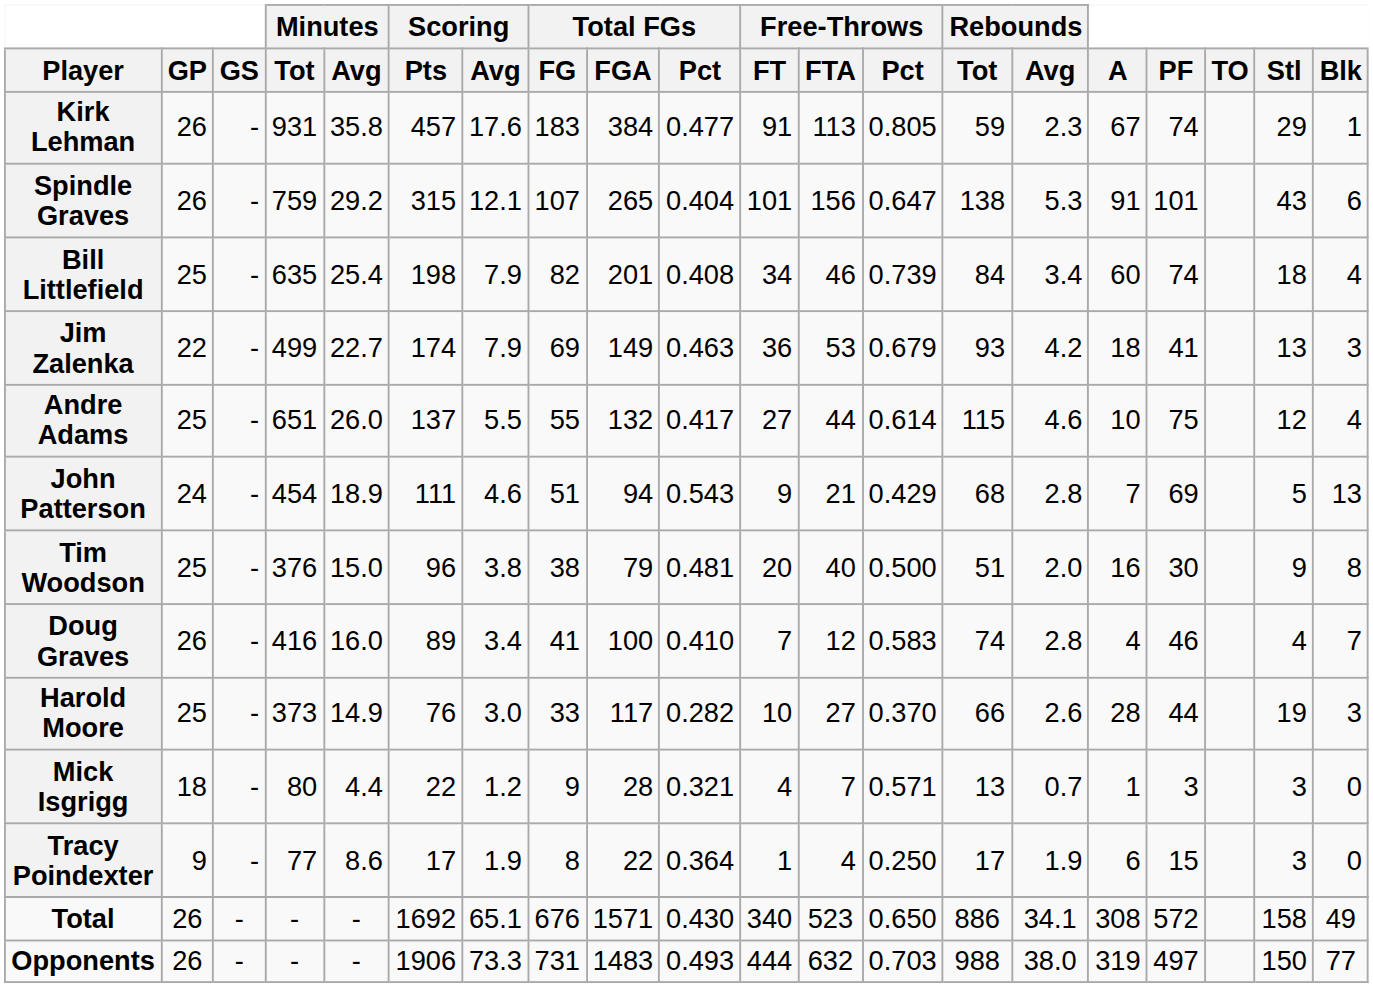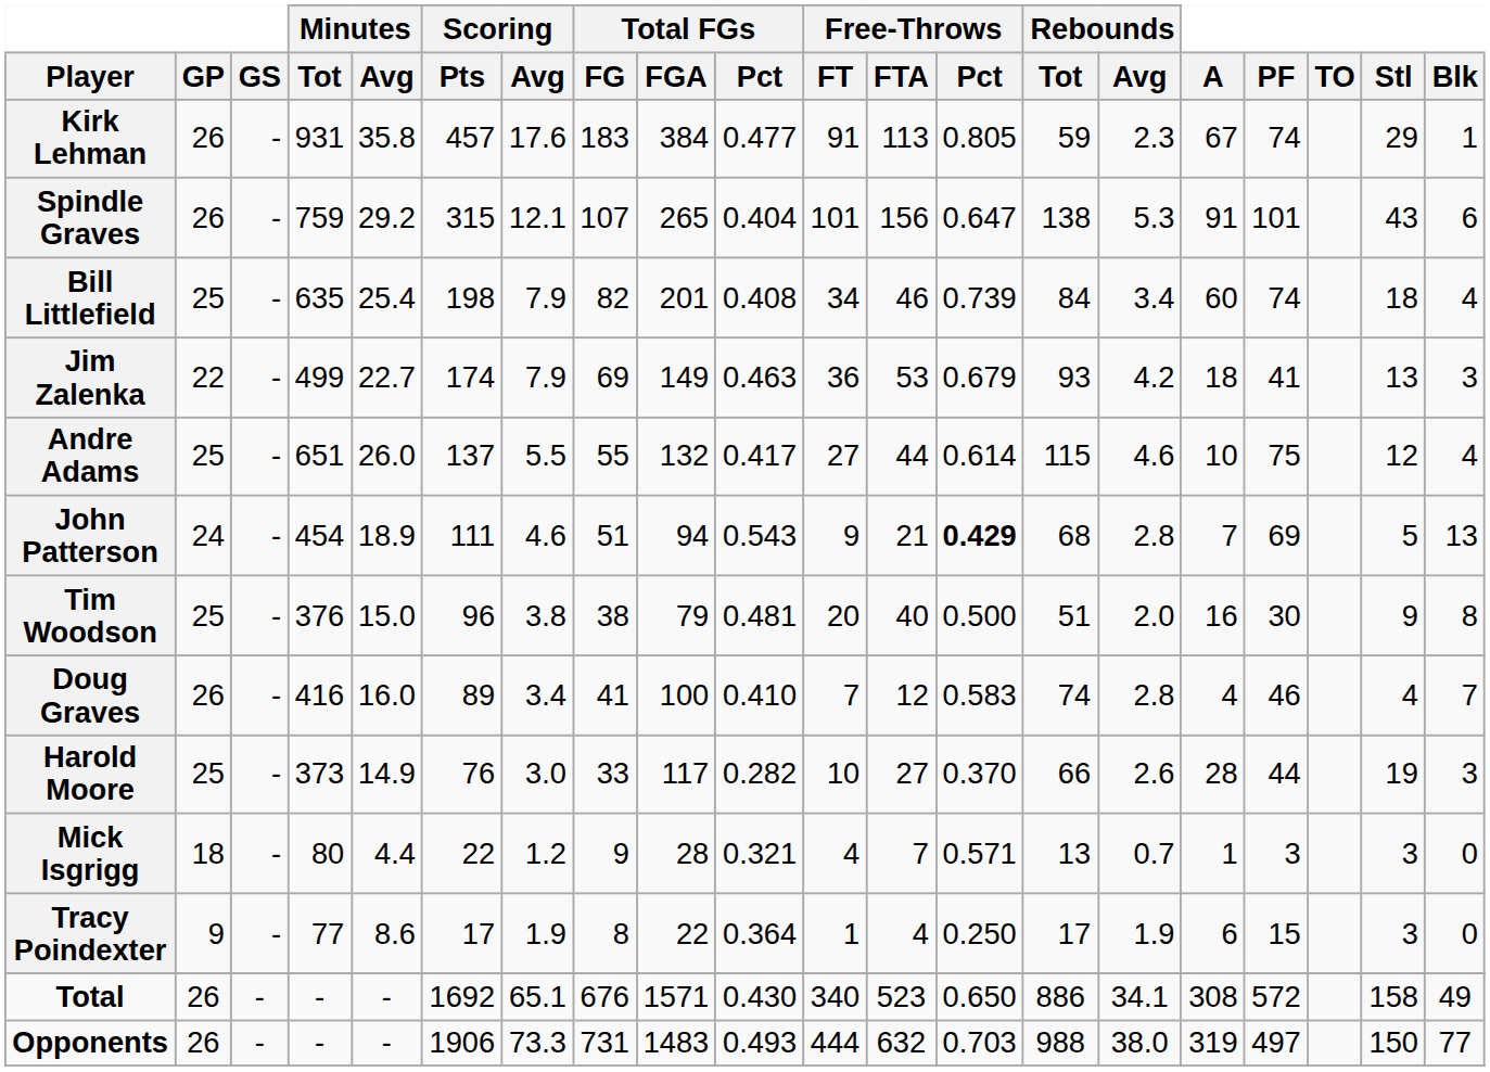 <table class="wikitable sortable" border="1" style="font-size:90%;">
 <tr>
 <th colspan="3" style="border-top-style:hidden; border-left-style:hidden; background: white;"></th>
 <th colspan="2" style=>Minutes</th>
 <th colspan="2" style=>Scoring</th>
 <th colspan="3" style=>Total FGs</th>
 <th colspan="3" style=>Free-Throws</th>
 <th colspan="2" style=>Rebounds</th>
 <th colspan="5" style="border-top-style:hidden; border-right-style:hidden; background: white;"></th>
 </tr>
 <tr>
 <th scope="col" style=>Player</th>
 <th scope="col" style=>GP</th>
 <th scope="col" style=>GS</th>
 <th scope="col" style=>Tot</th>
 <th scope="col" style=>Avg</th>
 <th scope="col" style=>Pts</th>
 <th scope="col" style=>Avg</th>
 <th scope="col" style=>FG</th>
 <th scope="col" style=>FGA</th>
 <th scope="col" style=>Pct</th>
 <th scope="col" style=>FT</th>
 <th scope="col" style=>FTA</th>
 <th scope="col" style=>Pct</th>
 <th scope="col" style=>Tot</th>
 <th scope="col" style=>Avg</th>
 <th scope="col" style=>A</th>
 <th scope="col" style=>PF</th>
 <th scope="col" style=>TO</th>
 <th scope="col" style=>Stl</th>
 <th scope="col" style=>Blk</th>
 </tr>
 <tr>
 <th>Kirk Lehman</th>
 <td align="right">26</td>
 <td align="right">-</td>
 <td align="right">931</td>
 <td align="right">35.8</td>
 <td align="right">457</td>
 <td align="right">17.6</td>
 <td align="right">183</td>
 <td align="right">384</td>
 <td align="right">0.477</td>
 <td align="right">91</td>
 <td align="right">113</td>
 <td align="right">0.805</td>
 <td align="right">59</td>
 <td align="right">2.3</td>
 <td align="right">67</td>
 <td align="right">74</td>
 <td align="right"></td>
 <td align="right">29</td>
 <td align="right">1</td>
 </tr>
 <tr>
 <th>Spindle Graves</th>
 <td align="right">26</td>
 <td align="right">-</td>
 <td align="right">759</td>
 <td align="right">29.2</td>
 <td align="right">315</td>
 <td align="right">12.1</td>
 <td align="right">107</td>
 <td align="right">265</td>
 <td align="right">0.404</td>
 <td align="right">101</td>
 <td align="right">156</td>
 <td align="right">0.647</td>
 <td align="right">138</td>
 <td align="right">5.3</td>
 <td align="right">91</td>
 <td align="right">101</td>
 <td align="right"></td>
 <td align="right">43</td>
 <td align="right">6</td>
 </tr>
 <tr>
 <th>Bill Littlefield</th>
 <td align="right">25</td>
 <td align="right">-</td>
 <td align="right">635</td>
 <td align="right">25.4</td>
 <td align="right">198</td>
 <td align="right">7.9</td>
 <td align="right">82</td>
 <td align="right">201</td>
 <td align="right">0.408</td>
 <td align="right">34</td>
 <td align="right">46</td>
 <td align="right">0.739</td>
 <td align="right">84</td>
 <td align="right">3.4</td>
 <td align="right">60</td>
 <td align="right">74</td>
 <td align="right"></td>
 <td align="right">18</td>
 <td align="right">4</td>
 </tr>
 <tr>
 <th>Jim Zalenka</th>
 <td align="right">22</td>
 <td align="right">-</td>
 <td align="right">499</td>
 <td align="right">22.7</td>
 <td align="right">174</td>
 <td align="right">7.9</td>
 <td align="right">69</td>
 <td align="right">149</td>
 <td align="right">0.463</td>
 <td align="right">36</td>
 <td align="right">53</td>
 <td align="right">0.679</td>
 <td align="right">93</td>
 <td align="right">4.2</td>
 <td align="right">18</td>
 <td align="right">41</td>
 <td align="right"></td>
 <td align="right">13</td>
 <td align="right">3</td>
 </tr>
 <tr>
 <th>Andre Adams</th>
 <td align="right">25</td>
 <td align="right">-</td>
 <td align="right">651</td>
 <td align="right">26.0</td>
 <td align="right">137</td>
 <td align="right">5.5</td>
 <td align="right">55</td>
 <td align="right">132</td>
 <td align="right">0.417</td>
 <td align="right">27</td>
 <td align="right">44</td>
 <td align="right">0.614</td>
 <td align="right">115</td>
 <td align="right">4.6</td>
 <td align="right">10</td>
 <td align="right">75</td>
 <td align="right"></td>
 <td align="right">12</td>
 <td align="right">4</td>
 </tr>
 <tr>
 <th>John Patterson</th>
 <td align="right">24</td>
 <td align="right">-</td>
 <td align="right">454</td>
 <td align="right">18.9</td>
 <td align="right">111</td>
 <td align="right">4.6</td>
 <td align="right">51</td>
 <td align="right">94</td>
 <td align="right">0.543</td>
 <td align="right">9</td>
 <td align="right">21</td>
-<td align="right">0.429</td>
+<td align="right"><strong>0.429</strong></td>
 <td align="right">68</td>
 <td align="right">2.8</td>
 <td align="right">7</td>
 <td align="right">69</td>
 <td align="right"></td>
 <td align="right">5</td>
 <td align="right">13</td>
 </tr>
 <tr>
 <th>Tim Woodson</th>
 <td align="right">25</td>
 <td align="right">-</td>
 <td align="right">376</td>
 <td align="right">15.0</td>
 <td align="right">96</td>
 <td align="right">3.8</td>
 <td align="right">38</td>
 <td align="right">79</td>
 <td align="right">0.481</td>
 <td align="right">20</td>
 <td align="right">40</td>
 <td align="right">0.500</td>
 <td align="right">51</td>
 <td align="right">2.0</td>
 <td align="right">16</td>
 <td align="right">30</td>
 <td align="right"></td>
 <td align="right">9</td>
 <td align="right">8</td>
 </tr>
 <tr>
 <th>Doug Graves</th>
 <td align="right">26</td>
 <td align="right">-</td>
 <td align="right">416</td>
 <td align="right">16.0</td>
 <td align="right">89</td>
 <td align="right">3.4</td>
 <td align="right">41</td>
 <td align="right">100</td>
 <td align="right">0.410</td>
 <td align="right">7</td>
 <td align="right">12</td>
 <td align="right">0.583</td>
 <td align="right">74</td>
 <td align="right">2.8</td>
 <td align="right">4</td>
 <td align="right">46</td>
 <td align="right"></td>
 <td align="right">4</td>
 <td align="right">7</td>
 </tr>
 <tr>
 <th>Harold Moore</th>
 <td align="right">25</td>
 <td align="right">-</td>
 <td align="right">373</td>
 <td align="right">14.9</td>
 <td align="right">76</td>
 <td align="right">3.0</td>
 <td align="right">33</td>
 <td align="right">117</td>
 <td align="right">0.282</td>
 <td align="right">10</td>
 <td align="right">27</td>
 <td align="right">0.370</td>
 <td align="right">66</td>
 <td align="right">2.6</td>
 <td align="right">28</td>
 <td align="right">44</td>
 <td align="right"></td>
 <td align="right">19</td>
 <td align="right">3</td>
 </tr>
 <tr>
 <th>Mick Isgrigg</th>
 <td align="right">18</td>
 <td align="right">-</td>
 <td align="right">80</td>
 <td align="right">4.4</td>
 <td align="right">22</td>
 <td align="right">1.2</td>
 <td align="right">9</td>
 <td align="right">28</td>
 <td align="right">0.321</td>
 <td align="right">4</td>
 <td align="right">7</td>
 <td align="right">0.571</td>
 <td align="right">13</td>
 <td align="right">0.7</td>
 <td align="right">1</td>
 <td align="right">3</td>
 <td align="right"></td>
 <td align="right">3</td>
 <td align="right">0</td>
 </tr>
 <tr>
 <th>Tracy Poindexter</th>
 <td align="right">9</td>
 <td align="right">-</td>
 <td align="right">77</td>
 <td align="right">8.6</td>
 <td align="right">17</td>
 <td align="right">1.9</td>
 <td align="right">8</td>
 <td align="right">22</td>
 <td align="right">0.364</td>
 <td align="right">1</td>
 <td align="right">4</td>
 <td align="right">0.250</td>
 <td align="right">17</td>
 <td align="right">1.9</td>
 <td align="right">6</td>
 <td align="right">15</td>
 <td align="right"></td>
 <td align="right">3</td>
 <td align="right">0</td>
 </tr>
 <tr>
 </tr>
 <tr class="sortbottom">
 <td align="center" style=><strong>Total</strong></td>
 <td align="center" style=>26</td>
 <td align="center" style=>-</td>
 <td align="center" style=>-</td>
 <td align="center" style=>-</td>
 <td align="center" style=>1692</td>
 <td align="center" style=>65.1</td>
 <td align="center" style=>676</td>
 <td align="center" style=>1571</td>
 <td align="center" style=>0.430</td>
 <td align="center" style=>340</td>
 <td align="center" style=>523</td>
 <td align="center" style=>0.650</td>
 <td align="center" style=>886</td>
 <td align="center" style=>34.1</td>
 <td align="center" style=>308</td>
 <td align="center" style=>572</td>
 <td align="center" style=></td>
 <td align="center" style=>158</td>
 <td align="center" style=>49</td>
 </tr>
 <tr class="sortbottom">
 <td align="center"><strong>Opponents</strong></td>
 <td align="center">26</td>
 <td align="center">-</td>
 <td align="center">-</td>
 <td align="center">-</td>
 <td align="center">1906</td>
 <td align="center">73.3</td>
 <td align="center">731</td>
 <td align="center">1483</td>
 <td align="center">0.493</td>
 <td align="center">444</td>
 <td align="center">632</td>
 <td align="center">0.703</td>
 <td align="center">988</td>
 <td align="center">38.0</td>
 <td align="center">319</td>
 <td align="center">497</td>
 <td align="center"></td>
 <td align="center">150</td>
 <td align="center">77</td>
 </tr>
 </table>
